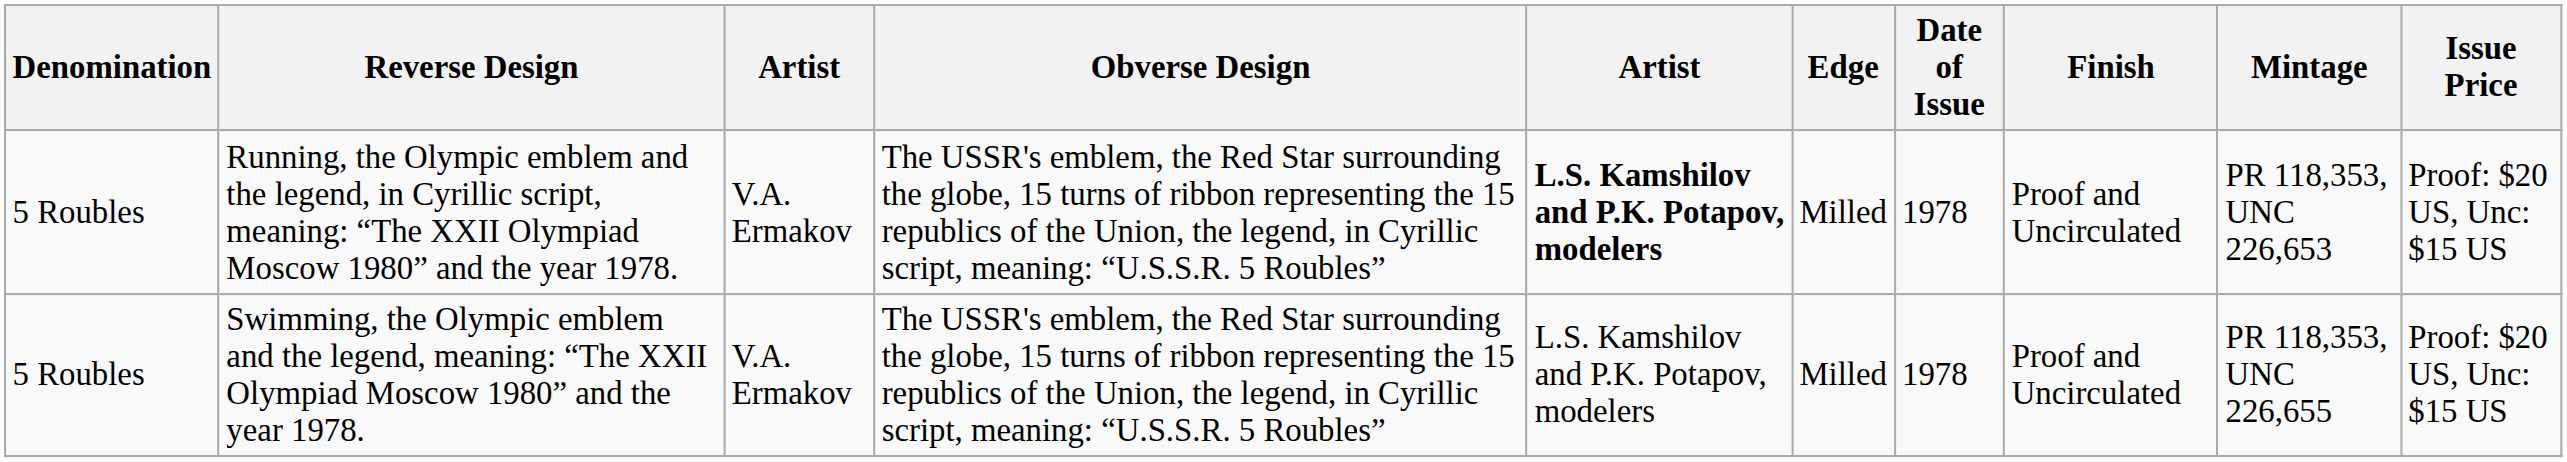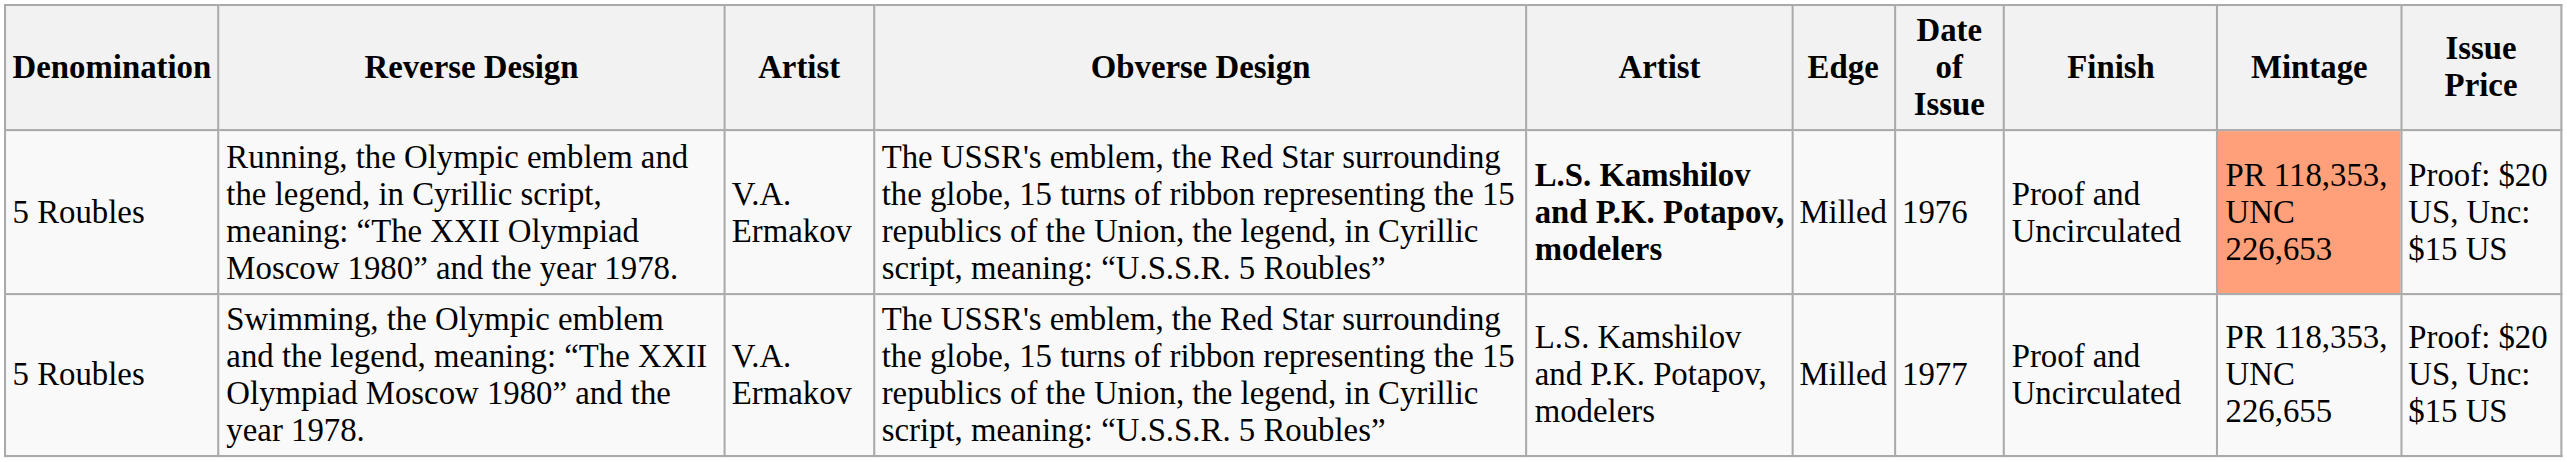 <table class="wikitable">
 <tr>
 <th>Denomination</th>
 <th>Reverse Design</th>
 <th>Artist</th>
 <th>Obverse Design</th>
 <th>Artist</th>
 <th>Edge</th>
 <th>Date of Issue</th>
 <th>Finish</th>
 <th>Mintage</th>
 <th>Issue Price</th>
 </tr>
 <tr>
 <td>5 Roubles</td>
 <td>Running, the Olympic emblem and the legend, in Cyrillic script, meaning: “The XXII Olympiad Moscow 1980” and the year 1978.</td>
 <td>V.A. Ermakov</td>
 <td>The USSR's emblem, the Red Star surrounding the globe, 15 turns of ribbon representing the 15 republics of the Union, the legend, in Cyrillic script, meaning: “U.S.S.R. 5 Roubles”</td>
 <td><strong>L.S. Kamshilov and P.K. Potapov, modelers</strong></td>
 <td>Milled</td>
-<td>1978</td>
+<td>1976</td>
 <td>Proof and Uncirculated</td>
-<td>PR 118,353, UNC 226,653</td>
+<td style="background: lightsalmon;">PR 118,353, UNC 226,653</td>
 <td>Proof: $20 US, Unc: $15 US</td>
 </tr>
 <tr>
 <td>5 Roubles</td>
 <td>Swimming, the Olympic emblem and the legend, meaning: “The XXII Olympiad Moscow 1980” and the year 1978.</td>
 <td>V.A. Ermakov</td>
 <td>The USSR's emblem, the Red Star surrounding the globe, 15 turns of ribbon representing the 15 republics of the Union, the legend, in Cyrillic script, meaning: “U.S.S.R. 5 Roubles”</td>
 <td>L.S. Kamshilov and P.K. Potapov, modelers</td>
 <td>Milled</td>
-<td>1978</td>
+<td>1977</td>
 <td>Proof and Uncirculated</td>
 <td>PR 118,353, UNC 226,655</td>
 <td>Proof: $20 US, Unc: $15 US</td>
 </tr>
 <tr>
 </tr>
 </table>
